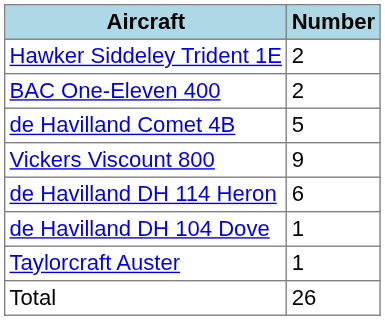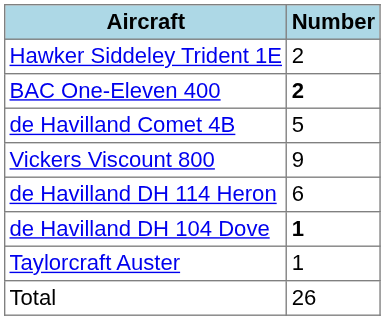 <table class="toccolours" border="1" cellpadding="3" style="border-collapse:collapse">
 <tr bgcolor=lightblue>
 <th>Aircraft</th>
 <th>Number</th>
 </tr>
 <tr>
 <td><a href='#'>Hawker Siddeley Trident 1E</a></td>
 <td>2</td>
 </tr>
 <tr>
 <td><a href='#'>BAC One-Eleven 400</a></td>
-<td>2</td>
+<td><strong>2</strong></td>
 </tr>
 <tr>
 <td><a href='#'>de Havilland Comet 4B</a></td>
 <td>5</td>
 </tr>
 <tr>
 <td><a href='#'>Vickers Viscount 800</a></td>
 <td>9</td>
 </tr>
 <tr>
 <td><a href='#'>de Havilland DH 114 Heron</a></td>
 <td>6</td>
 </tr>
 <tr>
 <td><a href='#'>de Havilland DH 104 Dove</a></td>
-<td>1</td>
+<td><strong>1</strong></td>
 </tr>
 <tr>
 <td><a href='#'>Taylorcraft Auster</a></td>
 <td>1</td>
 </tr>
 <tr>
 <td>Total</td>
 <td>26</td>
 </tr>
 </table>
